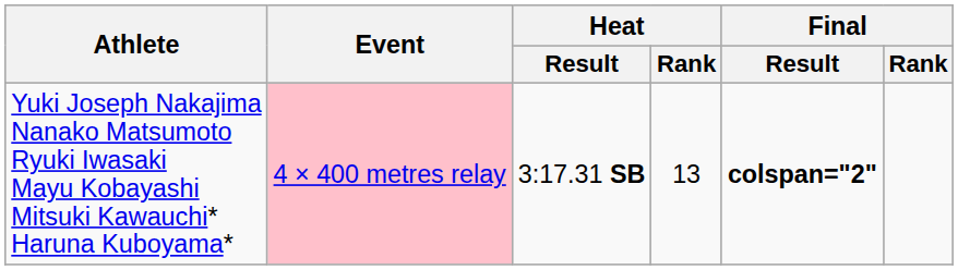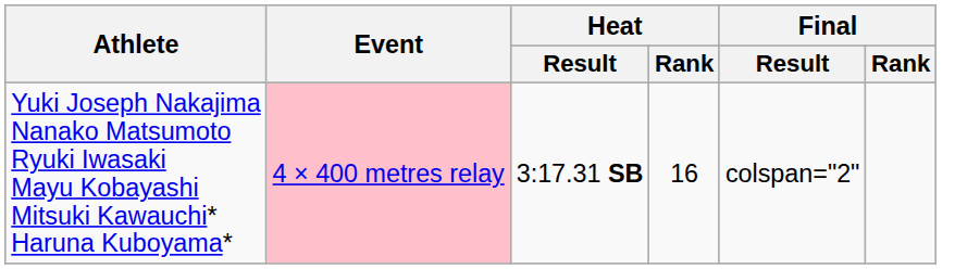 <table class="wikitable" style="font-size:90%">
 <tr>
 <th rowspan="2">Athlete</th>
 <th rowspan="2">Event</th>
 <th colspan="2">Heat</th>
 <th colspan="2">Final</th>
 </tr>
 <tr style="font-size:95%">
 <th>Result</th>
 <th>Rank</th>
 <th>Result</th>
 <th>Rank</th>
 </tr>
 <tr align="center">
 <td align="left"><a href='#'>Yuki Joseph Nakajima</a><br><a href='#'>Nanako Matsumoto</a><br><a href='#'>Ryuki Iwasaki</a><br><a href='#'>Mayu Kobayashi</a><br><a href='#'>Mitsuki Kawauchi</a>*<br><a href='#'>Haruna Kuboyama</a>*</td>
 <td align="left" style="background: pink;"><a href='#'>4 × 400 metres relay</a></td>
 <td>3:17.31 <strong>SB</strong></td>
-<td>13</td>
-<td><strong>colspan="2" </strong></td>
+<td>16</td>
+<td>colspan="2" </td>
 </tr>
 </table>
